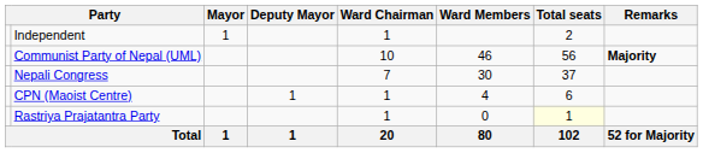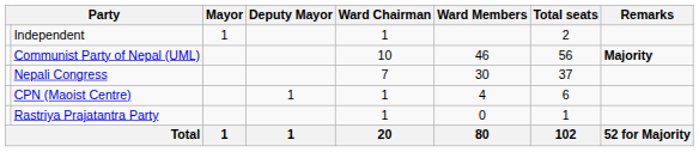 <table class="wikitable sortable">
 <tr>
 <th colspan="2" style="text-align:centre;">Party</th>
 <th>Mayor</th>
 <th>Deputy Mayor</th>
 <th>Ward Chairman</th>
 <th>Ward Members</th>
 <th>Total seats</th>
 <th>Remarks</th>
 </tr>
 <tr>
 <td style="background-color:"></td>
 <td style="text-align:left;">Independent</td>
 <td style="text-align:center;">1</td>
 <td></td>
 <td style="text-align:center;">1</td>
 <td style="text-align:center;"></td>
 <td style="text-align:center;">2</td>
 <td></td>
 </tr>
 <tr>
 <td style="background-color:"></td>
 <td style="text-align:left;"><a href='#'>Communist Party of Nepal (UML)</a></td>
 <td></td>
 <td style="text-align:center;"></td>
 <td style="text-align:center;">10</td>
 <td style="text-align:center;">46</td>
 <td style="text-align:center;">56</td>
 <td><strong>Majority</strong></td>
 </tr>
 <tr>
 <td style="background-color:"></td>
 <td style="text-align:left;"><a href='#'>Nepali Congress</a></td>
 <td style="text-align:center;"></td>
 <td style="text-align:center;"></td>
 <td style="text-align:center;">7</td>
 <td style="text-align:center;">30</td>
 <td style="text-align:center;">37</td>
 <td></td>
 </tr>
 <tr>
 <td style="background-color:"></td>
 <td style="text-align:left;"><a href='#'>CPN (Maoist Centre)</a></td>
 <td></td>
 <td style="text-align:center;">1</td>
 <td style="text-align:center;">1</td>
 <td style="text-align:center;">4</td>
 <td style="text-align:center;">6</td>
 <td></td>
 </tr>
 <tr>
 <td style="background-color:"></td>
 <td style="text-align:left;"><a href='#'>Rastriya Prajatantra Party</a></td>
 <td></td>
 <td></td>
 <td style="text-align:center;">1</td>
 <td style="text-align:center;">0</td>
-<td style="background: lightyellow; text-align:center;">1</td>
+<td style="text-align:center;">1</td>
 <td></td>
 </tr>
 <tr>
 <th colspan="2" style="text-align:right;">Total</th>
 <th>1</th>
 <th>1</th>
 <th>20</th>
 <th>80</th>
 <th>102</th>
 <th>52 for Majority</th>
 </tr>
 </table>
